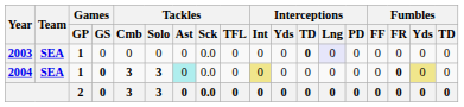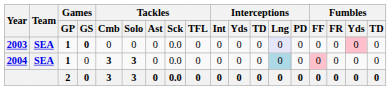 <table class="wikitable" style="text-align:center">
 <tr>
 <th rowspan="2">Year</th>
 <th rowspan="2">Team</th>
 <th colspan="2">Games</th>
 <th colspan="5">Tackles</th>
 <th colspan="5">Interceptions</th>
 <th colspan="4">Fumbles</th>
 </tr>
 <tr>
 <th>GP</th>
 <th>GS</th>
 <th>Cmb</th>
 <th>Solo</th>
 <th>Ast</th>
 <th>Sck</th>
 <th>TFL</th>
 <th>Int</th>
 <th>Yds</th>
 <th>TD</th>
 <th>Lng</th>
 <th>PD</th>
 <th>FF</th>
 <th>FR</th>
 <th>Yds</th>
 <th>TD</th>
 </tr>
 <tr>
 <th><a href='#'>2003</a></th>
 <th><a href='#'>SEA</a></th>
 <td><strong>1</strong></td>
-<td>0</td>
+<td><strong>0</strong></td>
 <td>0</td>
 <td>0</td>
 <td>0</td>
 <td>0.0</td>
 <td>0</td>
 <td>0</td>
 <td>0</td>
-<td><strong>0</strong></td>
+<td>0</td>
 <td style="background: lavender;">0</td>
 <td>0</td>
 <td>0</td>
 <td>0</td>
-<td>0</td>
+<td style="background: pink;">0</td>
 <td>0</td>
 </tr>
 <tr>
 <th><a href='#'>2004</a></th>
 <th><a href='#'>SEA</a></th>
 <td><strong>1</strong></td>
-<td><strong>0</strong></td>
+<td>0</td>
 <td><strong>3</strong></td>
 <td><strong>3</strong></td>
-<td style="background: paleturquoise;">0</td>
+<td>0</td>
 <td>0.0</td>
-<td>0</td>
-<td style="background: khaki;">0</td>
 <td>0</td>
 <td>0</td>
 <td>0</td>
 <td>0</td>
+<td style="background: lightblue;">0</td>
 <td>0</td>
-<td><strong>0</strong></td>
-<td style="background: khaki;">0</td>
+<td style="background: pink;">0</td>
+<td>0</td>
+<td>0</td>
 <td>0</td>
 </tr>
 <tr>
 <th colspan="2"></th>
 <th>2</th>
 <th>0</th>
 <th>3</th>
 <th>3</th>
 <th>0</th>
 <th>0.0</th>
 <th>0</th>
 <th>0</th>
 <th>0</th>
 <th>0</th>
 <th>0</th>
 <th>0</th>
 <th>0</th>
 <th>0</th>
 <th>0</th>
 <th>0</th>
 </tr>
 </table>
